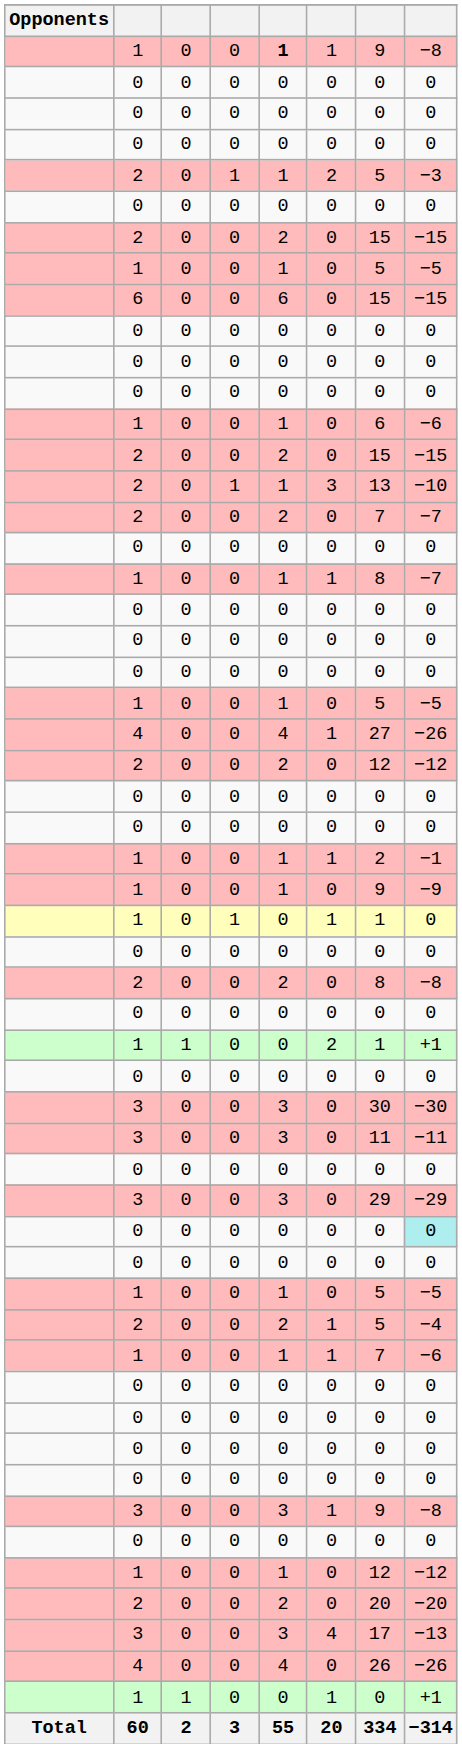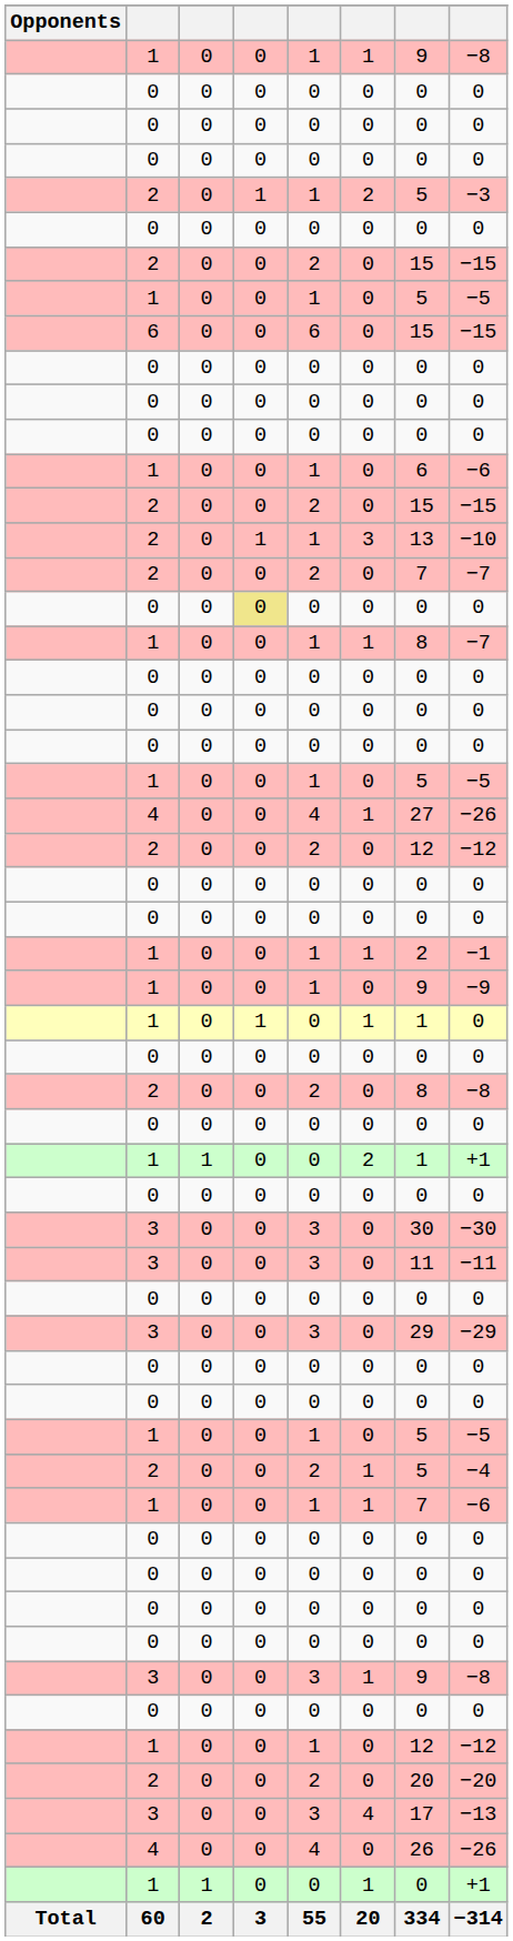 <table class="wikitable sortable collapsed" style="text-align: center; font-size: 90%;">
 <tr>
 </tr>
 <tr>
 <th>Opponents</th>
 <th width=25></th>
 <th width=25></th>
 <th width=25></th>
 <th width=25></th>
 <th width=25></th>
 <th width=25></th>
 <th width=25></th>
 </tr>
 <tr bgcolor="#FFBBBB">
 <td align="left"></td>
 <td>1</td>
 <td>0</td>
 <td>0</td>
-<td><strong>1</strong></td>
+<td>1</td>
 <td>1</td>
 <td>9</td>
 <td>−8</td>
 </tr>
 <tr>
 <td align="left"></td>
 <td>0</td>
 <td>0</td>
 <td>0</td>
 <td>0</td>
 <td>0</td>
 <td>0</td>
 <td>0</td>
 </tr>
 <tr>
 <td align="left"></td>
 <td>0</td>
 <td>0</td>
 <td>0</td>
 <td>0</td>
 <td>0</td>
 <td>0</td>
 <td>0</td>
 </tr>
 <tr>
 <td align="left"></td>
 <td>0</td>
 <td>0</td>
 <td>0</td>
 <td>0</td>
 <td>0</td>
 <td>0</td>
 <td>0</td>
 </tr>
 <tr bgcolor="#FFBBBB">
 <td align="left"></td>
 <td>2</td>
 <td>0</td>
 <td>1</td>
 <td>1</td>
 <td>2</td>
 <td>5</td>
 <td>−3</td>
 </tr>
 <tr>
 <td align="left"></td>
 <td>0</td>
 <td>0</td>
 <td>0</td>
 <td>0</td>
 <td>0</td>
 <td>0</td>
 <td>0</td>
 </tr>
 <tr bgcolor="#FFBBBB">
 <td align="left"></td>
 <td>2</td>
 <td>0</td>
 <td>0</td>
 <td>2</td>
 <td>0</td>
 <td>15</td>
 <td>−15</td>
 </tr>
 <tr bgcolor="#FFBBBB">
 <td align="left"></td>
 <td>1</td>
 <td>0</td>
 <td>0</td>
 <td>1</td>
 <td>0</td>
 <td>5</td>
 <td>−5</td>
 </tr>
 <tr bgcolor="#FFBBBB">
 <td align="left"></td>
 <td>6</td>
 <td>0</td>
 <td>0</td>
 <td>6</td>
 <td>0</td>
 <td>15</td>
 <td>−15</td>
 </tr>
 <tr>
 <td align="left"></td>
 <td>0</td>
 <td>0</td>
 <td>0</td>
 <td>0</td>
 <td>0</td>
 <td>0</td>
 <td>0</td>
 </tr>
 <tr>
 <td align="left"></td>
 <td>0</td>
 <td>0</td>
 <td>0</td>
 <td>0</td>
 <td>0</td>
 <td>0</td>
 <td>0</td>
 </tr>
 <tr>
 <td align="left"></td>
 <td>0</td>
 <td>0</td>
 <td>0</td>
 <td>0</td>
 <td>0</td>
 <td>0</td>
 <td>0</td>
 </tr>
 <tr bgcolor="#FFBBBB">
 <td align="left"></td>
 <td>1</td>
 <td>0</td>
 <td>0</td>
 <td>1</td>
 <td>0</td>
 <td>6</td>
 <td>−6</td>
 </tr>
 <tr bgcolor="#FFBBBB">
 <td align="left"></td>
 <td>2</td>
 <td>0</td>
 <td>0</td>
 <td>2</td>
 <td>0</td>
 <td>15</td>
 <td>−15</td>
 </tr>
 <tr bgcolor="#FFBBBB">
 <td align="left"></td>
 <td>2</td>
 <td>0</td>
 <td>1</td>
 <td>1</td>
 <td>3</td>
 <td>13</td>
 <td>−10</td>
 </tr>
 <tr bgcolor="#FFBBBB">
 <td align="left"></td>
 <td>2</td>
 <td>0</td>
 <td>0</td>
 <td>2</td>
 <td>0</td>
 <td>7</td>
 <td>−7</td>
 </tr>
 <tr>
 <td align="left"></td>
 <td>0</td>
 <td>0</td>
-<td>0</td>
+<td style="background: khaki;">0</td>
 <td>0</td>
 <td>0</td>
 <td>0</td>
 <td>0</td>
 </tr>
 <tr bgcolor="#FFBBBB">
 <td align="left"></td>
 <td>1</td>
 <td>0</td>
 <td>0</td>
 <td>1</td>
 <td>1</td>
 <td>8</td>
 <td>−7</td>
 </tr>
 <tr>
 <td align="left"></td>
 <td>0</td>
 <td>0</td>
 <td>0</td>
 <td>0</td>
 <td>0</td>
 <td>0</td>
 <td>0</td>
 </tr>
 <tr>
 <td align="left"></td>
 <td>0</td>
 <td>0</td>
 <td>0</td>
 <td>0</td>
 <td>0</td>
 <td>0</td>
 <td>0</td>
 </tr>
 <tr>
 <td align="left"></td>
 <td>0</td>
 <td>0</td>
 <td>0</td>
 <td>0</td>
 <td>0</td>
 <td>0</td>
 <td>0</td>
 </tr>
 <tr bgcolor="#FFBBBB">
 <td align="left"></td>
 <td>1</td>
 <td>0</td>
 <td>0</td>
 <td>1</td>
 <td>0</td>
 <td>5</td>
 <td>−5</td>
 </tr>
 <tr bgcolor="#FFBBBB">
 <td align="left"></td>
 <td>4</td>
 <td>0</td>
 <td>0</td>
 <td>4</td>
 <td>1</td>
 <td>27</td>
 <td>−26</td>
 </tr>
 <tr bgcolor="#FFBBBB">
 <td align="left"></td>
 <td>2</td>
 <td>0</td>
 <td>0</td>
 <td>2</td>
 <td>0</td>
 <td>12</td>
 <td>−12</td>
 </tr>
 <tr>
 <td align="left"></td>
 <td>0</td>
 <td>0</td>
 <td>0</td>
 <td>0</td>
 <td>0</td>
 <td>0</td>
 <td>0</td>
 </tr>
 <tr>
 <td align="left"></td>
 <td>0</td>
 <td>0</td>
 <td>0</td>
 <td>0</td>
 <td>0</td>
 <td>0</td>
 <td>0</td>
 </tr>
 <tr bgcolor="#FFBBBB">
 <td align="left"></td>
 <td>1</td>
 <td>0</td>
 <td>0</td>
 <td>1</td>
 <td>1</td>
 <td>2</td>
 <td>−1</td>
 </tr>
 <tr bgcolor="#FFBBBB">
 <td align="left"></td>
 <td>1</td>
 <td>0</td>
 <td>0</td>
 <td>1</td>
 <td>0</td>
 <td>9</td>
 <td>−9</td>
 </tr>
 <tr bgcolor="#FFFFBB">
 <td align="left"></td>
 <td>1</td>
 <td>0</td>
 <td>1</td>
 <td>0</td>
 <td>1</td>
 <td>1</td>
 <td>0</td>
 </tr>
 <tr>
 <td align="left"></td>
 <td>0</td>
 <td>0</td>
 <td>0</td>
 <td>0</td>
 <td>0</td>
 <td>0</td>
 <td>0</td>
 </tr>
 <tr bgcolor="#FFBBBB">
 <td align="left"></td>
 <td>2</td>
 <td>0</td>
 <td>0</td>
 <td>2</td>
 <td>0</td>
 <td>8</td>
 <td>−8</td>
 </tr>
 <tr>
 <td align="left"></td>
 <td>0</td>
 <td>0</td>
 <td>0</td>
 <td>0</td>
 <td>0</td>
 <td>0</td>
 <td>0</td>
 </tr>
 <tr bgcolor="#CCFFCC">
 <td align="left"></td>
 <td>1</td>
 <td>1</td>
 <td>0</td>
 <td>0</td>
 <td>2</td>
 <td>1</td>
 <td>+1</td>
 </tr>
 <tr>
 <td align="left"></td>
 <td>0</td>
 <td>0</td>
 <td>0</td>
 <td>0</td>
 <td>0</td>
 <td>0</td>
 <td>0</td>
 </tr>
 <tr bgcolor="#FFBBBB">
 <td align="left"></td>
 <td>3</td>
 <td>0</td>
 <td>0</td>
 <td>3</td>
 <td>0</td>
 <td>30</td>
 <td>−30</td>
 </tr>
 <tr bgcolor="#FFBBBB">
 <td align="left"></td>
 <td>3</td>
 <td>0</td>
 <td>0</td>
 <td>3</td>
 <td>0</td>
 <td>11</td>
 <td>−11</td>
 </tr>
 <tr>
 <td align="left"></td>
 <td>0</td>
 <td>0</td>
 <td>0</td>
 <td>0</td>
 <td>0</td>
 <td>0</td>
 <td>0</td>
 </tr>
 <tr bgcolor="#FFBBBB">
 <td align="left"></td>
 <td>3</td>
 <td>0</td>
 <td>0</td>
 <td>3</td>
 <td>0</td>
 <td>29</td>
 <td>−29</td>
 </tr>
 <tr>
 <td align="left"></td>
 <td>0</td>
 <td>0</td>
 <td>0</td>
 <td>0</td>
 <td>0</td>
 <td>0</td>
-<td style="background: paleturquoise;">0</td>
+<td>0</td>
 </tr>
 <tr>
 <td align="left"></td>
 <td>0</td>
 <td>0</td>
 <td>0</td>
 <td>0</td>
 <td>0</td>
 <td>0</td>
 <td>0</td>
 </tr>
 <tr bgcolor="#FFBBBB">
 <td align="left"></td>
 <td>1</td>
 <td>0</td>
 <td>0</td>
 <td>1</td>
 <td>0</td>
 <td>5</td>
 <td>−5</td>
 </tr>
 <tr bgcolor="#FFBBBB">
 <td align="left"></td>
 <td>2</td>
 <td>0</td>
 <td>0</td>
 <td>2</td>
 <td>1</td>
 <td>5</td>
 <td>−4</td>
 </tr>
 <tr bgcolor="#FFBBBB">
 <td align="left"></td>
 <td>1</td>
 <td>0</td>
 <td>0</td>
 <td>1</td>
 <td>1</td>
 <td>7</td>
 <td>−6</td>
 </tr>
 <tr>
 <td align="left"></td>
 <td>0</td>
 <td>0</td>
 <td>0</td>
 <td>0</td>
 <td>0</td>
 <td>0</td>
 <td>0</td>
 </tr>
 <tr>
 <td align="left"></td>
 <td>0</td>
 <td>0</td>
 <td>0</td>
 <td>0</td>
 <td>0</td>
 <td>0</td>
 <td>0</td>
 </tr>
 <tr>
 <td align="left"></td>
 <td>0</td>
 <td>0</td>
 <td>0</td>
 <td>0</td>
 <td>0</td>
 <td>0</td>
 <td>0</td>
 </tr>
 <tr>
 <td align="left"></td>
 <td>0</td>
 <td>0</td>
 <td>0</td>
 <td>0</td>
 <td>0</td>
 <td>0</td>
 <td>0</td>
 </tr>
 <tr bgcolor="#FFBBBB">
 <td align="left"></td>
 <td>3</td>
 <td>0</td>
 <td>0</td>
 <td>3</td>
 <td>1</td>
 <td>9</td>
 <td>−8</td>
 </tr>
 <tr>
 <td align="left"></td>
 <td>0</td>
 <td>0</td>
 <td>0</td>
 <td>0</td>
 <td>0</td>
 <td>0</td>
 <td>0</td>
 </tr>
 <tr bgcolor="#FFBBBB">
 <td align="left"></td>
 <td>1</td>
 <td>0</td>
 <td>0</td>
 <td>1</td>
 <td>0</td>
 <td>12</td>
 <td>−12</td>
 </tr>
 <tr bgcolor="#FFBBBB">
 <td align="left"></td>
 <td>2</td>
 <td>0</td>
 <td>0</td>
 <td>2</td>
 <td>0</td>
 <td>20</td>
 <td>−20</td>
 </tr>
 <tr bgcolor="#FFBBBB">
 <td align="left"></td>
 <td>3</td>
 <td>0</td>
 <td>0</td>
 <td>3</td>
 <td>4</td>
 <td>17</td>
 <td>−13</td>
 </tr>
 <tr bgcolor="#FFBBBB">
 <td align="left"></td>
 <td>4</td>
 <td>0</td>
 <td>0</td>
 <td>4</td>
 <td>0</td>
 <td>26</td>
 <td>−26</td>
 </tr>
 <tr bgcolor="#CCFFCC">
 <td align="left"></td>
 <td>1</td>
 <td>1</td>
 <td>0</td>
 <td>0</td>
 <td>1</td>
 <td>0</td>
 <td>+1</td>
 </tr>
 <tr class="sortbot">
 <th>Total</th>
 <th>60</th>
 <th>2</th>
 <th>3</th>
 <th>55</th>
 <th>20</th>
 <th>334</th>
 <th>−314</th>
 </tr>
 </table>
